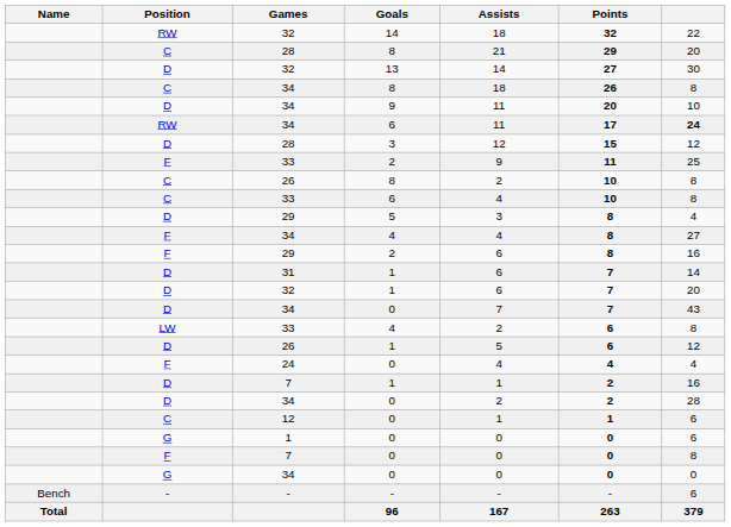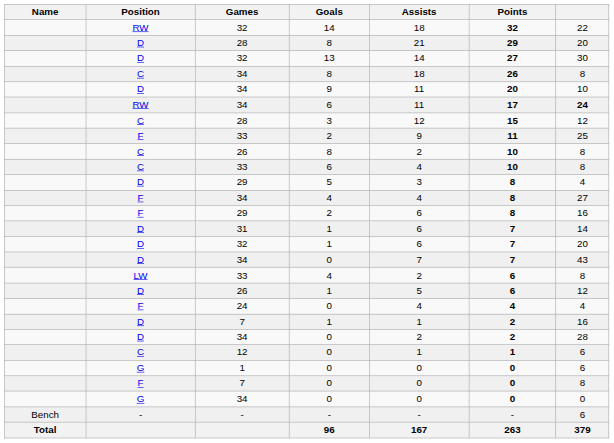 <table class="wikitable sortable" width ="50%">
 <tr align="center">
 <th>Name</th>
 <th>Position</th>
 <th>Games</th>
 <th>Goals</th>
 <th>Assists</th>
 <th>Points</th>
 <th><a href='#'></a></th>
 </tr>
 <tr align="center" bgcolor="">
 <td></td>
 <td><a href='#'>RW</a></td>
 <td>32</td>
 <td>14</td>
 <td>18</td>
 <td><strong>32</strong></td>
 <td>22</td>
 </tr>
 <tr align="center" bgcolor="f0f0f0">
 <td></td>
-<td><a href='#'>C</a></td>
+<td><a href='#'>D</a></td>
 <td>28</td>
 <td>8</td>
 <td>21</td>
 <td><strong>29</strong></td>
 <td>20</td>
 </tr>
 <tr align="center" bgcolor="">
 <td></td>
 <td><a href='#'>D</a></td>
 <td>32</td>
 <td>13</td>
 <td>14</td>
 <td><strong>27</strong></td>
 <td>30</td>
 </tr>
 <tr align="center" bgcolor="f0f0f0">
 <td></td>
 <td><a href='#'>C</a></td>
 <td>34</td>
 <td>8</td>
 <td>18</td>
 <td><strong>26</strong></td>
 <td>8</td>
 </tr>
 <tr align="center" bgcolor="">
 <td></td>
 <td><a href='#'>D</a></td>
 <td>34</td>
 <td>9</td>
 <td>11</td>
 <td><strong>20</strong></td>
 <td>10</td>
 </tr>
 <tr align="center" bgcolor="f0f0f0">
 <td></td>
 <td><a href='#'>RW</a></td>
 <td>34</td>
 <td>6</td>
 <td>11</td>
 <td><strong>17</strong></td>
 <td><strong>24</strong></td>
 </tr>
 <tr align="center" bgcolor="">
 <td></td>
-<td><a href='#'>D</a></td>
+<td><a href='#'>C</a></td>
 <td>28</td>
 <td>3</td>
 <td>12</td>
 <td><strong>15</strong></td>
 <td>12</td>
 </tr>
 <tr align="center" bgcolor="f0f0f0">
 <td></td>
 <td><a href='#'>F</a></td>
 <td>33</td>
 <td>2</td>
 <td>9</td>
 <td><strong>11</strong></td>
 <td>25</td>
 </tr>
 <tr align="center" bgcolor="">
 <td></td>
 <td><a href='#'>C</a></td>
 <td>26</td>
 <td>8</td>
 <td>2</td>
 <td><strong>10</strong></td>
 <td>8</td>
 </tr>
 <tr align="center" bgcolor="f0f0f0">
 <td></td>
 <td><a href='#'>C</a></td>
 <td>33</td>
 <td>6</td>
 <td>4</td>
 <td><strong>10</strong></td>
 <td>8</td>
 </tr>
 <tr align="center" bgcolor="">
 <td></td>
 <td><a href='#'>D</a></td>
 <td>29</td>
 <td>5</td>
 <td>3</td>
 <td><strong>8</strong></td>
 <td>4</td>
 </tr>
 <tr align="center" bgcolor="f0f0f0">
 <td></td>
 <td><a href='#'>F</a></td>
 <td>34</td>
 <td>4</td>
 <td>4</td>
 <td><strong>8</strong></td>
 <td>27</td>
 </tr>
 <tr align="center" bgcolor="">
 <td></td>
 <td><a href='#'>F</a></td>
 <td>29</td>
 <td>2</td>
 <td>6</td>
 <td><strong>8</strong></td>
 <td>16</td>
 </tr>
 <tr align="center" bgcolor="f0f0f0">
 <td></td>
 <td><a href='#'>D</a></td>
 <td>31</td>
 <td>1</td>
 <td>6</td>
 <td><strong>7</strong></td>
 <td>14</td>
 </tr>
 <tr align="center" bgcolor="">
 <td></td>
 <td><a href='#'>D</a></td>
 <td>32</td>
 <td>1</td>
 <td>6</td>
 <td><strong>7</strong></td>
 <td>20</td>
 </tr>
 <tr align="center" bgcolor="f0f0f0">
 <td></td>
 <td><a href='#'>D</a></td>
 <td>34</td>
 <td>0</td>
 <td>7</td>
 <td><strong>7</strong></td>
 <td>43</td>
 </tr>
 <tr align="center" bgcolor="">
 <td></td>
 <td><a href='#'>LW</a></td>
 <td>33</td>
 <td>4</td>
 <td>2</td>
 <td><strong>6</strong></td>
 <td>8</td>
 </tr>
 <tr align="center" bgcolor="f0f0f0">
 <td></td>
 <td><a href='#'>D</a></td>
 <td>26</td>
 <td>1</td>
 <td>5</td>
 <td><strong>6</strong></td>
 <td>12</td>
 </tr>
 <tr align="center" bgcolor="">
 <td></td>
 <td><a href='#'>F</a></td>
 <td>24</td>
 <td>0</td>
 <td>4</td>
 <td><strong>4</strong></td>
 <td>4</td>
 </tr>
 <tr align="center" bgcolor="f0f0f0">
 <td></td>
 <td><a href='#'>D</a></td>
 <td>7</td>
 <td>1</td>
 <td>1</td>
 <td><strong>2</strong></td>
 <td>16</td>
 </tr>
 <tr align="center" bgcolor="">
 <td></td>
 <td><a href='#'>D</a></td>
 <td>34</td>
 <td>0</td>
 <td>2</td>
 <td><strong>2</strong></td>
 <td>28</td>
 </tr>
 <tr align="center" bgcolor="f0f0f0">
 <td></td>
 <td><a href='#'>C</a></td>
 <td>12</td>
 <td>0</td>
 <td>1</td>
 <td><strong>1</strong></td>
 <td>6</td>
 </tr>
 <tr align="center" bgcolor="">
 <td></td>
 <td><a href='#'>G</a></td>
 <td>1</td>
 <td>0</td>
 <td>0</td>
 <td><strong>0</strong></td>
 <td>6</td>
 </tr>
 <tr align="center" bgcolor="f0f0f0">
 <td></td>
 <td><a href='#'>F</a></td>
 <td>7</td>
 <td>0</td>
 <td>0</td>
 <td><strong>0</strong></td>
 <td>8</td>
 </tr>
 <tr align="center" bgcolor="">
 <td></td>
 <td><a href='#'>G</a></td>
 <td>34</td>
 <td>0</td>
 <td>0</td>
 <td><strong>0</strong></td>
 <td>0</td>
 </tr>
 <tr align="center" bgcolor="f0f0f0">
 <td>Bench</td>
 <td>-</td>
 <td>-</td>
 <td>-</td>
 <td>-</td>
 <td>-</td>
 <td>6</td>
 </tr>
 <tr>
 <th>Total</th>
 <th></th>
 <th></th>
 <th>96</th>
 <th>167</th>
 <th>263</th>
 <th>379</th>
 </tr>
 </table>
